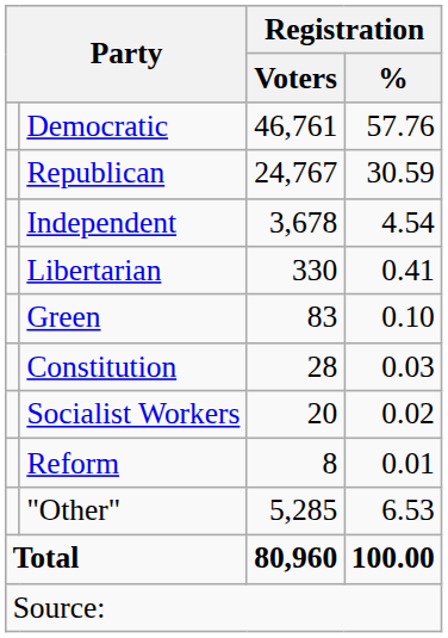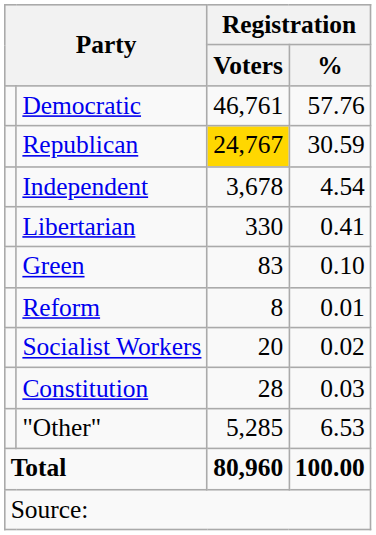 <table class="wikitable">
 <tr>
 <th colspan="2" rowspan="2">Party</th>
 <th colspan="2">Registration</th>
 </tr>
 <tr>
 <th>Voters</th>
 <th>%</th>
 </tr>
 <tr>
 <td style="background-color:"></td>
 <td><a href='#'>Democratic</a></td>
 <td style="text-align:right;">46,761</td>
 <td style="text-align:right;">57.76</td>
 </tr>
 <tr>
 <td style="background-color:"></td>
 <td><a href='#'>Republican</a></td>
-<td style="text-align:right;">24,767</td>
+<td style="background: gold; text-align:right;">24,767</td>
 <td style="text-align:right;">30.59</td>
 </tr>
 <tr>
 <td style="background-color:"></td>
 <td><a href='#'>Independent</a></td>
 <td style="text-align:right;">3,678</td>
 <td style="text-align:right;">4.54</td>
 </tr>
 <tr>
 <td style="background-color:"></td>
 <td><a href='#'>Libertarian</a></td>
 <td style="text-align:right;">330</td>
 <td style="text-align:right;">0.41</td>
 </tr>
 <tr>
 <td style="background-color:"></td>
 <td><a href='#'>Green</a></td>
 <td style="text-align:right;">83</td>
 <td style="text-align:right;">0.10</td>
 </tr>
 <tr>
 <td style="background-color:"></td>
-<td><a href='#'>Constitution</a></td>
-<td style="text-align:right;">28</td>
-<td style="text-align:right;">0.03</td>
+<td><a href='#'>Reform</a></td>
+<td style="text-align:right;">8</td>
+<td style="text-align:right;">0.01</td>
 </tr>
 <tr>
 <td style="background-color:"></td>
 <td><a href='#'>Socialist Workers</a></td>
 <td style="text-align:right;">20</td>
 <td style="text-align:right;">0.02</td>
 </tr>
 <tr>
 <td style="background-color:"></td>
-<td><a href='#'>Reform</a></td>
-<td style="text-align:right;">8</td>
-<td style="text-align:right;">0.01</td>
+<td><a href='#'>Constitution</a></td>
+<td style="text-align:right;">28</td>
+<td style="text-align:right;">0.03</td>
 </tr>
 <tr>
 <td></td>
 <td>"Other"</td>
 <td style="text-align:right;">5,285</td>
 <td style="text-align:right;">6.53</td>
 </tr>
 <tr>
 <td colspan="2"><strong>Total</strong></td>
 <td style="text-align:right;"><strong>80,960</strong></td>
 <td style="text-align:right;"><strong>100.00</strong></td>
 </tr>
 <tr>
 <td colspan="4">Source: <em></em></td>
 </tr>
 </table>
